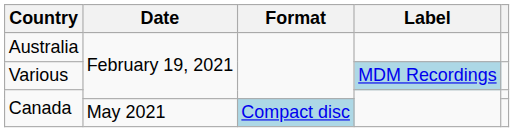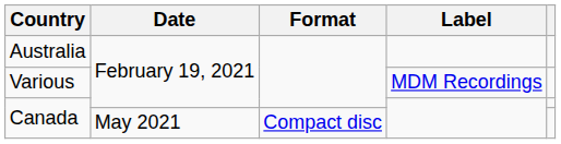 <table class="wikitable">
 <tr>
 <th>Country</th>
 <th>Date</th>
 <th>Format</th>
 <th>Label</th>
 <th></th>
 </tr>
 <tr>
 <td>Australia</td>
 <td rowspan="3">February 19, 2021</td>
 <td rowspan="3"></td>
 <td></td>
 <td></td>
 </tr>
 <tr>
 <td>Various</td>
-<td style="background: lightblue;"><a href='#'>MDM Recordings</a></td>
+<td><a href='#'>MDM Recordings</a></td>
 <td></td>
 </tr>
 <tr>
 <td rowspan="2">Canada</td>
 <td rowspan="2"></td>
 <td></td>
 </tr>
 <tr>
 <td>May 2021</td>
-<td style="background: lightblue;"><a href='#'>Compact disc</a></td>
+<td><a href='#'>Compact disc</a></td>
 <td></td>
 </tr>
 </table>
